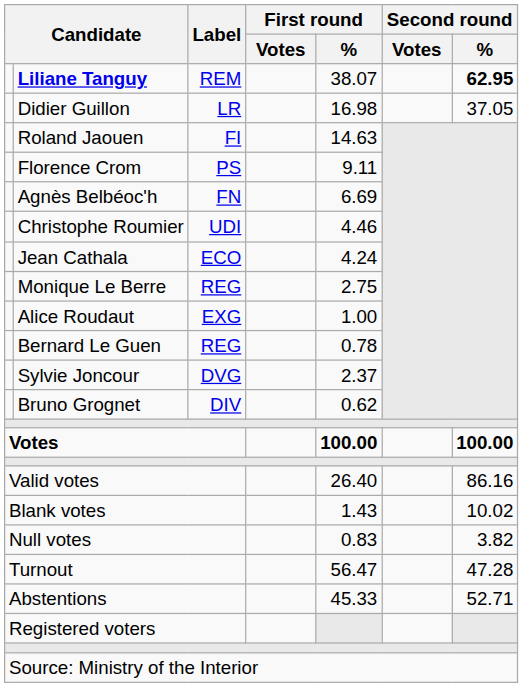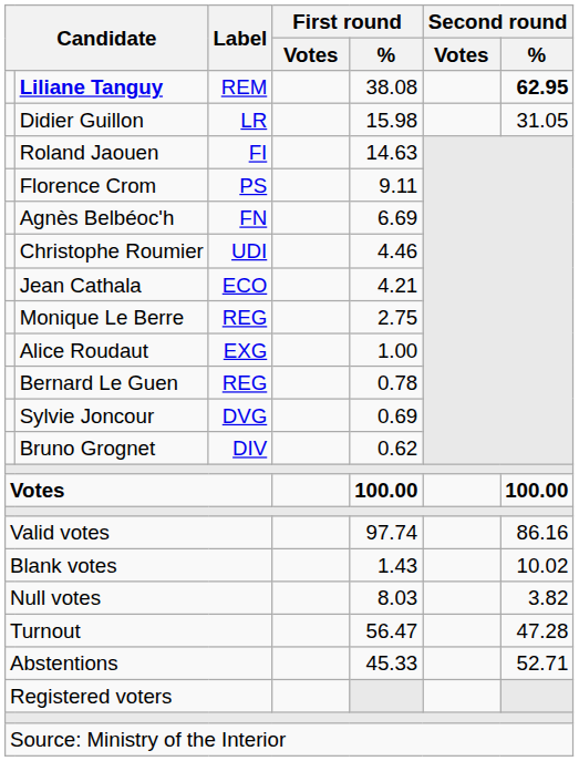 <table class="wikitable" style="text-align:right;font-size:95%;">
 <tr>
 <th rowspan="2" colspan="2">Candidate</th>
 <th rowspan="2">Label</th>
 <th colspan="2">First round</th>
 <th colspan="2">Second round</th>
 </tr>
 <tr>
 <th style="width:50px;">Votes</th>
 <th style="width:45px;">%</th>
 <th style="width:50px;">Votes</th>
 <th style="width:45px;">%</th>
 </tr>
 <tr>
 <td style="color:inherit;background:"></td>
 <td style="text-align:left;"><strong><a href='#'>Liliane Tanguy</a></strong></td>
 <td><a href='#'>REM</a></td>
 <td></td>
-<td>38.07</td>
+<td>38.08</td>
 <td><strong></strong></td>
 <td><strong>62.95</strong></td>
 </tr>
 <tr>
 <td style="color:inherit;background:"></td>
 <td style="text-align:left;">Didier Guillon</td>
 <td><a href='#'>LR</a></td>
 <td></td>
-<td>16.98</td>
+<td>15.98</td>
 <td></td>
-<td>37.05</td>
+<td>31.05</td>
 </tr>
 <tr>
 <td style="color:inherit;background:"></td>
 <td style="text-align:left;">Roland Jaouen</td>
 <td><a href='#'>FI</a></td>
 <td></td>
 <td>14.63</td>
 <td colspan="2" rowspan="10" style="background:#E9E9E9;"></td>
 </tr>
 <tr>
 <td style="color:inherit;background:"></td>
 <td style="text-align:left;">Florence Crom</td>
 <td><a href='#'>PS</a></td>
 <td></td>
 <td>9.11</td>
 </tr>
 <tr>
 <td style="color:inherit;background:"></td>
 <td style="text-align:left;">Agnès Belbéoc'h</td>
 <td><a href='#'>FN</a></td>
 <td></td>
 <td>6.69</td>
 </tr>
 <tr>
 <td style="color:inherit;background:"></td>
 <td style="text-align:left;">Christophe Roumier</td>
 <td><a href='#'>UDI</a></td>
 <td></td>
 <td>4.46</td>
 </tr>
 <tr>
 <td style="color:inherit;background:"></td>
 <td style="text-align:left;">Jean Cathala</td>
 <td><a href='#'>ECO</a></td>
 <td></td>
-<td>4.24</td>
+<td>4.21</td>
 </tr>
 <tr>
 <td style="color:inherit;background:"></td>
 <td style="text-align:left;">Monique Le Berre</td>
 <td><a href='#'>REG</a></td>
 <td></td>
 <td>2.75</td>
 </tr>
 <tr>
 <td style="color:inherit;background:"></td>
 <td style="text-align:left;">Alice Roudaut</td>
 <td><a href='#'>EXG</a></td>
 <td></td>
 <td>1.00</td>
 </tr>
 <tr>
 <td style="color:inherit;background:"></td>
 <td style="text-align:left;">Bernard Le Guen</td>
 <td><a href='#'>REG</a></td>
 <td></td>
 <td>0.78</td>
 </tr>
 <tr>
 <td style="color:inherit;background:"></td>
 <td style="text-align:left;">Sylvie Joncour</td>
 <td><a href='#'>DVG</a></td>
 <td></td>
-<td>2.37</td>
+<td>0.69</td>
 </tr>
 <tr>
 <td style="color:inherit;background:"></td>
 <td style="text-align:left;">Bruno Grognet</td>
 <td><a href='#'>DIV</a></td>
 <td></td>
 <td>0.62</td>
 </tr>
 <tr>
 <td colspan="7" style="background:#E9E9E9;"></td>
 </tr>
 <tr style="font-weight:bold;">
 <td colspan="3" style="text-align:left;">Votes</td>
 <td></td>
 <td>100.00</td>
 <td></td>
 <td>100.00</td>
 </tr>
 <tr>
 <td colspan="7" style="background:#E9E9E9;"></td>
 </tr>
 <tr>
 <td colspan="3" style="text-align:left;">Valid votes</td>
 <td></td>
-<td>26.40</td>
+<td>97.74</td>
 <td></td>
 <td>86.16</td>
 </tr>
 <tr>
 <td colspan="3" style="text-align:left;">Blank votes</td>
 <td></td>
 <td>1.43</td>
 <td></td>
 <td>10.02</td>
 </tr>
 <tr>
 <td colspan="3" style="text-align:left;">Null votes</td>
 <td></td>
-<td>0.83</td>
+<td>8.03</td>
 <td></td>
 <td>3.82</td>
 </tr>
 <tr>
 <td colspan="3" style="text-align:left;">Turnout</td>
 <td></td>
 <td>56.47</td>
 <td></td>
 <td>47.28</td>
 </tr>
 <tr>
 <td colspan="3" style="text-align:left;">Abstentions</td>
 <td></td>
 <td>45.33</td>
 <td></td>
 <td>52.71</td>
 </tr>
 <tr>
 <td colspan="3" style="text-align:left;">Registered voters</td>
 <td></td>
 <td style="color:inherit;background:#E9E9E9;"></td>
 <td></td>
 <td style="color:inherit;background:#E9E9E9;"></td>
 </tr>
 <tr>
 <td colspan="7" style="background:#E9E9E9;"></td>
 </tr>
 <tr>
 <td colspan="7" style="text-align:left;">Source: Ministry of the Interior</td>
 </tr>
 </table>
